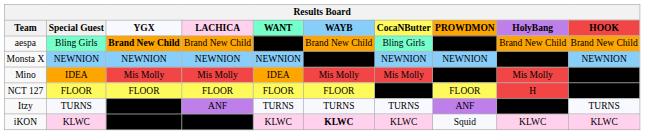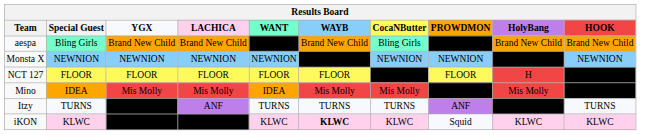 <table class="wikitable mw-collapsible mw-collapsed" style="text-align:center; font-size:90%">
 <tr style="text-align:left|">
 <th colspan="10">Results Board</th>
 </tr>
 <tr>
 <th>Team</th>
 <th>Special Guest</th>
 <th style="background:#F8F8FF"><strong>YGX</strong></th>
 <th style="background:#FFD1ED"><strong>LACHICA</strong></th>
 <th style="background:#75FFCA"><strong>WANT</strong></th>
 <th style="background:#87CEFA"><strong>WAYB</strong></th>
 <th style="background:#FFFA5C"><strong>CocaNButter</strong></th>
 <th style="background:orange"><strong>PROWDMON</strong></th>
 <th style="background:#BF7FEB"><strong>HolyBang</strong></th>
 <th style="background:#F24646"><strong>HOOK</strong></th>
 </tr>
 <tr>
 <td>aespa</td>
 <td style="background:#75FFCA">Bling Girls</td>
-<td style="background:orange"><strong>Brand New Child</strong></td>
+<td style="background:orange">Brand New Child</td>
 <td style="background:orange">Brand New Child</td>
 <td style="background:black"></td>
 <td style="background:orange">Brand New Child</td>
 <td style="background:#75FFCA">Bling Girls</td>
 <td style="background:black"></td>
 <td style="background:orange">Brand New Child</td>
 <td style="background:orange">Brand New Child</td>
 </tr>
 <tr>
 <td>Monsta X</td>
 <td style="background:#87CEFA">NEWNION</td>
 <td style="background:#87CEFA">NEWNION</td>
 <td style="background:#87CEFA">NEWNION</td>
 <td style="background:#87CEFA">NEWNION</td>
 <td style="background:black"></td>
 <td style="background:#87CEFA">NEWNION</td>
 <td style="background:#87CEFA">NEWNION</td>
 <td style="background:black"></td>
 <td style="background:#87CEFA">NEWNION</td>
 </tr>
 <tr>
+<td>NCT 127</td>
+<td style="background:#FFFA5C">FLOOR</td>
+<td style="background:#FFFA5C">FLOOR</td>
+<td style="background:#FFFA5C">FLOOR</td>
+<td style="background:#FFFA5C">FLOOR</td>
+<td style="background:#FFFA5C">FLOOR</td>
+<td style="background:black"></td>
+<td style="background:#FFFA5C">FLOOR</td>
+<td style="background:#F24646">H</td>
+<td style="background:black"></td>
+</tr>
+<tr>
 <td>Mino</td>
 <td style="background:orange">IDEA</td>
 <td style="background:#F24646">Mis Molly</td>
 <td style="background:#F24646">Mis Molly</td>
 <td style="background:orange">IDEA</td>
 <td style="background:#F24646">Mis Molly</td>
 <td style="background:#F24646">Mis Molly</td>
 <td style="background:black"></td>
 <td style="background:#F24646">Mis Molly</td>
-<td style="background:black"></td>
-</tr>
-<tr>
-<td>NCT 127</td>
-<td style="background:#FFFA5C">FLOOR</td>
-<td style="background:#FFFA5C">FLOOR</td>
-<td style="background:#FFFA5C">FLOOR</td>
-<td style="background:#FFFA5C">FLOOR</td>
-<td style="background:#FFFA5C">FLOOR</td>
-<td style="background:black"></td>
-<td style="background:#FFFA5C">FLOOR</td>
-<td style="background:#F24646">H</td>
 <td style="background:black"></td>
 </tr>
 <tr>
 <td>Itzy</td>
 <td style="background:#F8F8FF">TURNS</td>
 <td style="background:black"></td>
 <td style="background:#BF7FEB">ANF</td>
 <td style="background:#F8F8FF">TURNS</td>
 <td style="background:#F8F8FF">TURNS</td>
 <td style="background:#F8F8FF">TURNS</td>
 <td style="background:#BF7FEB">ANF</td>
 <td style="background:black"></td>
 <td style="background:#F8F8FF">TURNS</td>
 </tr>
 <tr>
 <td>iKON</td>
 <td style="background:#FFD1ED">KLWC</td>
 <td style="background:black"></td>
 <td style="background:black"></td>
 <td style="background:#FFD1ED">KLWC</td>
 <td style="background:#FFD1ED"><strong>KLWC</strong></td>
 <td style="background:#FFD1ED">KLWC</td>
 <td style="background:#F8F8FF">Squid</td>
 <td style="background:#FFD1ED">KLWC</td>
 <td style="background:#FFD1ED">KLWC</td>
 </tr>
 </table>
